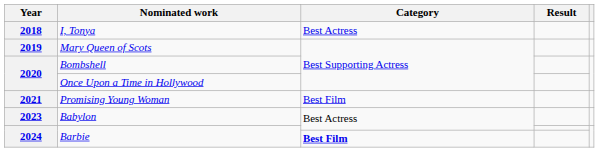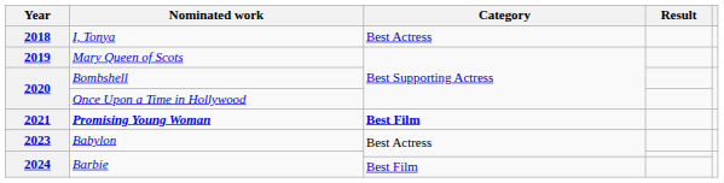 <table class=wikitable>
 <tr>
 <th scope="col" style="width:5em;">Year</th>
 <th scope="col" style="width:26em;">Nominated work</th>
 <th scope="col" style="width:25em;">Category</th>
 <th scope="col" style="width:5em;">Result</th>
 <th scope="col"></th>
 </tr>
 <tr>
 <th scope="row"><a href='#'>2018</a></th>
 <td><em><a href='#'>I, Tonya</a></em></td>
 <td><a href='#'>Best Actress</a></td>
 <td></td>
 <td style="text-align:center;"></td>
 </tr>
 <tr>
 <th scope="row"><a href='#'>2019</a></th>
 <td><em><a href='#'>Mary Queen of Scots</a></em></td>
 <td rowspan="3"><a href='#'>Best Supporting Actress</a></td>
 <td></td>
 <td style="text-align:center;"></td>
 </tr>
 <tr>
 <th scope="row" rowspan="2"><a href='#'>2020</a></th>
 <td><em><a href='#'>Bombshell</a></em></td>
 <td></td>
 <td rowspan="2" style="text-align:center;"></td>
 </tr>
 <tr>
 <td><em><a href='#'>Once Upon a Time in Hollywood</a></em></td>
 <td></td>
 </tr>
 <tr>
 <th scope="row"><a href='#'>2021</a></th>
-<td><em><a href='#'>Promising Young Woman</a></em></td>
-<td><a href='#'>Best Film</a></td>
+<td><strong><em><a href='#'>Promising Young Woman</a></em></strong></td>
+<td><strong><a href='#'>Best Film</a></strong></td>
 <td></td>
 <td style="text-align:center;"></td>
 </tr>
 <tr>
 <th scope="row"><a href='#'>2023</a></th>
 <td><em><a href='#'>Babylon</a></em></td>
 <td rowspan="2">Best Actress</td>
 <td></td>
 <td style="text-align:center;"></td>
 </tr>
 <tr>
 <th scope="row" rowspan="2"><a href='#'>2024</a></th>
 <td rowspan="2"><em><a href='#'>Barbie</a></em></td>
 <td></td>
 <td rowspan="2" style="text-align:center;"></td>
 </tr>
 <tr>
-<td><strong><a href='#'>Best Film</a></strong></td>
+<td><a href='#'>Best Film</a></td>
 <td></td>
 </tr>
 </table>
